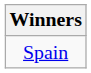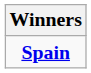 <table class=wikitable style="text-align:center; margin:auto">
 <tr>
 <th>Winners</th>
 </tr>
 <tr>
-<td> <a href='#'>Spain</a></td>
+<td><strong> <a href='#'>Spain</a></strong></td>
 </tr>
 </table>
